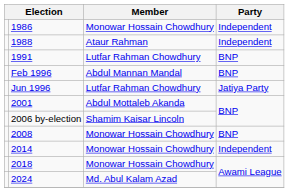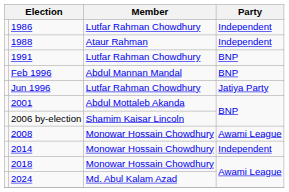 <table class="wikitable">
 <tr>
 <th colspan="2">Election</th>
 <th>Member</th>
 <th>Party</th>
 </tr>
 <tr>
 <td style="background-color:"></td>
 <td><a href='#'>1986</a></td>
-<td><a href='#'>Monowar Hossain Chowdhury</a></td>
+<td><a href='#'>Lutfar Rahman Chowdhury</a></td>
 <td><a href='#'>Independent</a></td>
 </tr>
 <tr>
 <td style="background-color:"></td>
 <td><a href='#'>1988</a></td>
 <td><a href='#'>Ataur Rahman</a></td>
 <td><a href='#'>Independent</a></td>
 </tr>
 <tr>
 <td style="background-color:"></td>
 <td><a href='#'>1991</a></td>
 <td><a href='#'>Lutfar Rahman Chowdhury</a></td>
 <td><a href='#'>BNP</a></td>
 </tr>
 <tr>
 <td style="background-color:"></td>
 <td><a href='#'>Feb 1996</a></td>
 <td><a href='#'>Abdul Mannan Mandal</a></td>
 <td><a href='#'>BNP</a></td>
 </tr>
 <tr>
 <td style="background-color:"></td>
 <td><a href='#'>Jun 1996</a></td>
 <td><a href='#'>Lutfar Rahman Chowdhury</a></td>
 <td><a href='#'>Jatiya Party</a></td>
 </tr>
 <tr>
 <td style="background-color:"></td>
 <td><a href='#'>2001</a></td>
 <td><a href='#'>Abdul Mottaleb Akanda</a></td>
 <td rowspan="2"><a href='#'>BNP</a></td>
 </tr>
 <tr>
 <td style="background-color:"></td>
 <td>2006 by-election</td>
 <td><a href='#'>Shamim Kaisar Lincoln</a></td>
 </tr>
 <tr>
 <td style="background-color:"></td>
 <td><a href='#'>2008</a></td>
 <td><a href='#'>Monowar Hossain Chowdhury</a></td>
-<td><a href='#'>BNP</a></td>
+<td><a href='#'>Awami League</a></td>
 </tr>
 <tr>
 <td style="background-color:"></td>
 <td><a href='#'>2014</a></td>
 <td><a href='#'>Monowar Hossain Chowdhury</a></td>
 <td><a href='#'>Independent</a></td>
 </tr>
 <tr>
 <td style="background-color:"></td>
 <td><a href='#'>2018</a></td>
 <td><a href='#'>Monowar Hossain Chowdhury</a></td>
 <td rowspan="2"><a href='#'>Awami League</a></td>
 </tr>
 <tr>
 <td style="background-color:"></td>
 <td><a href='#'>2024</a></td>
 <td><a href='#'>Md. Abul Kalam Azad</a></td>
 </tr>
 <tr>
 </tr>
 </table>
